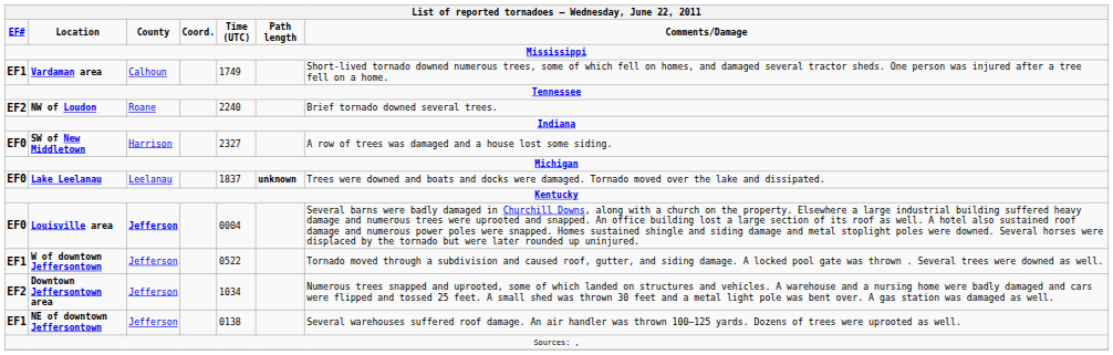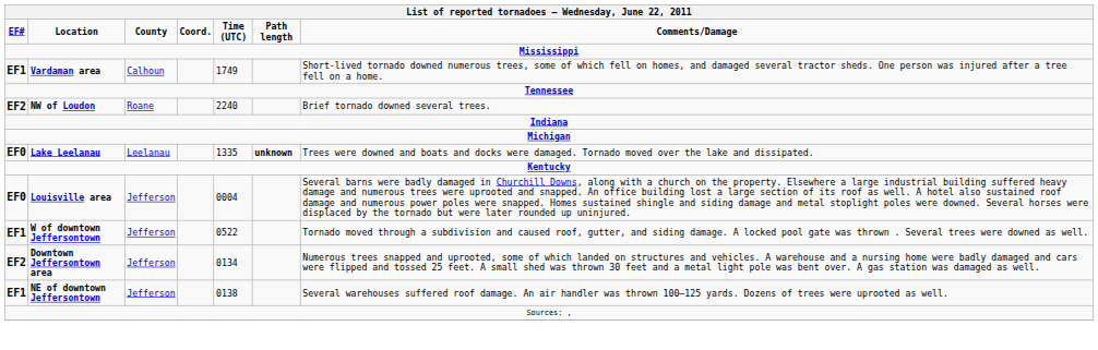 <table class="wikitable collapsible" width="100%">
 <tr>
 <th colspan="7">List of reported tornadoes – Wednesday, June 22, 2011</th>
 </tr>
 <tr style="text-align:center;">
 <td><strong><a href='#'>EF#</a></strong></td>
 <td><strong>Location</strong></td>
 <td><strong>County</strong></td>
 <td><strong>Coord.</strong></td>
 <td><strong>Time (UTC)</strong></td>
 <td><strong>Path length</strong></td>
 <td><strong>Comments/Damage</strong></td>
 </tr>
 <tr>
 <td colspan="7" align=center><strong><a href='#'>Mississippi</a></strong></td>
 </tr>
 <tr>
 <td><big><strong>EF1</strong></big></td>
 <td><strong><a href='#'>Vardaman</a> area</strong></td>
 <td><a href='#'>Calhoun</a></td>
 <td></td>
 <td>1749</td>
 <td></td>
 <td>Short-lived tornado downed numerous trees, some of which fell on homes, and damaged several tractor sheds. One person was injured after a tree fell on a home.</td>
 </tr>
 <tr>
 <td colspan="7" align=center><strong><a href='#'>Tennessee</a></strong></td>
 </tr>
 <tr>
 <td><big><strong>EF2</strong></big></td>
 <td><strong>NW of <a href='#'>Loudon</a></strong></td>
 <td><a href='#'>Roane</a></td>
 <td></td>
 <td>2240</td>
 <td></td>
 <td>Brief tornado downed several trees.</td>
 </tr>
 <tr>
 <td colspan="7" align=center><strong><a href='#'>Indiana</a></strong></td>
 </tr>
 <tr>
-<td><big><strong>EF0</strong></big></td>
-<td><strong>SW of <a href='#'>New Middletown</a></strong></td>
-<td><a href='#'>Harrison</a></td>
-<td></td>
-<td>2327</td>
-<td></td>
-<td>A row of trees was damaged and a house lost some siding.</td>
-</tr>
-<tr>
 <td colspan="7" align=center><strong><a href='#'>Michigan</a></strong></td>
 </tr>
 <tr>
 <td><big><strong>EF0</strong></big></td>
 <td><strong><a href='#'>Lake Leelanau</a></strong></td>
 <td><a href='#'>Leelanau</a></td>
 <td></td>
-<td>1837</td>
+<td>1335</td>
 <td><strong>unknown</strong></td>
 <td>Trees were downed and boats and docks were damaged. Tornado moved over the lake and dissipated.</td>
 </tr>
 <tr>
 <td colspan="7" align=center><strong><a href='#'>Kentucky</a></strong></td>
 </tr>
 <tr>
 <td><big><strong>EF0</strong></big></td>
 <td><strong><a href='#'>Louisville</a> area</strong></td>
-<td><strong><a href='#'>Jefferson</a></strong></td>
+<td><a href='#'>Jefferson</a></td>
 <td></td>
 <td>0004</td>
 <td></td>
 <td>Several barns were badly damaged in <a href='#'>Churchill Downs</a>, along with a church on the property. Elsewhere a large industrial building suffered heavy damage and numerous trees were uprooted and snapped. An office building lost a large section of its roof as well. A hotel also sustained roof damage and numerous power poles were snapped. Homes sustained shingle and siding damage and metal stoplight poles were downed. Several horses were displaced by the tornado but were later rounded up uninjured.</td>
 </tr>
 <tr>
 <td><big><strong>EF1</strong></big></td>
 <td><strong>W of downtown <a href='#'>Jeffersontown</a></strong></td>
 <td><a href='#'>Jefferson</a></td>
 <td></td>
 <td>0522</td>
 <td></td>
 <td>Tornado moved through a subdivision and caused roof, gutter, and siding damage. A locked pool gate was thrown . Several trees were downed as well.</td>
 </tr>
 <tr>
 <td><big><strong>EF2</strong></big></td>
 <td><strong>Downtown <a href='#'>Jeffersontown</a> area</strong></td>
 <td><a href='#'>Jefferson</a></td>
 <td></td>
-<td>1034</td>
+<td>0134</td>
 <td></td>
 <td>Numerous trees snapped and uprooted, some of which landed on structures and vehicles. A warehouse and a nursing home were badly damaged and cars were flipped and tossed 25 feet. A small shed was thrown 30 feet and a metal light pole was bent over. A gas station was damaged as well.</td>
 </tr>
 <tr>
 <td><big><strong>EF1</strong></big></td>
 <td><strong>NE of downtown <a href='#'>Jeffersontown</a></strong></td>
 <td><a href='#'>Jefferson</a></td>
 <td></td>
 <td>0138</td>
 <td></td>
 <td>Several warehouses suffered roof damage. An air handler was thrown 100–125 yards. Dozens of trees were uprooted as well.</td>
 </tr>
 <tr>
 <td colspan="7" align=center><small>Sources: , </small></td>
 </tr>
 <tr>
 </tr>
 </table>
